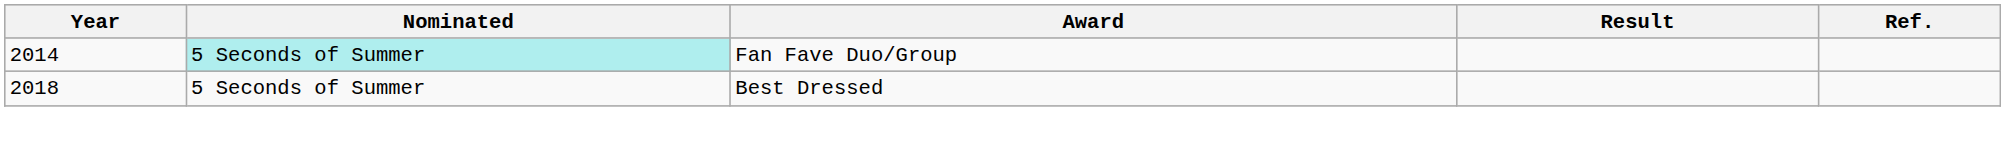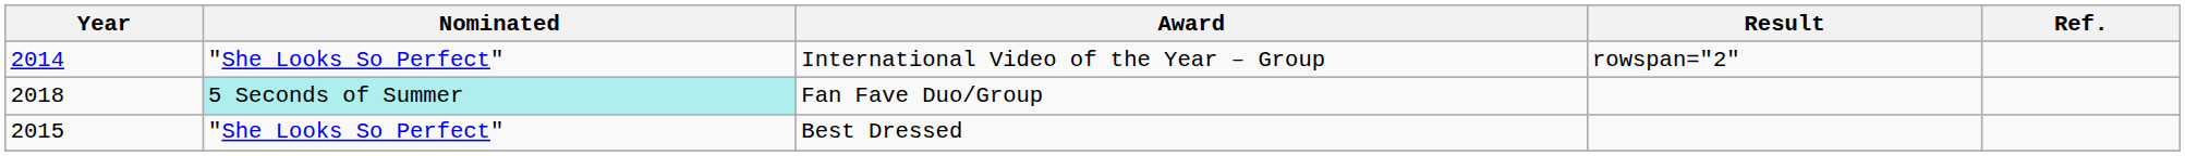 <table class="wikitable" style="width:100%;">
 <tr>
 <th width=5%>Year</th>
 <th style="width:15%;">Nominated</th>
 <th style="width:20%;">Award</th>
 <th style="width:10%;">Result</th>
 <th style="width:5%;">Ref.</th>
 </tr>
 <tr>
-<td>2014</td>
+<td><a href='#'>2014</a></td>
+<td>"<a href='#'>She Looks So Perfect</a>"</td>
+<td>International Video of the Year – Group</td>
+<td>rowspan="2" </td>
+<td></td>
+</tr>
+<tr>
+<td>2018</td>
 <td style="background: paleturquoise;">5 Seconds of Summer</td>
 <td>Fan Fave Duo/Group</td>
 <td></td>
 </tr>
 <tr>
-<td>2018</td>
-<td>5 Seconds of Summer</td>
+<td>2015</td>
+<td>"<a href='#'>She Looks So Perfect</a>"</td>
 <td>Best Dressed</td>
 <td></td>
 <td></td>
 </tr>
 </table>
